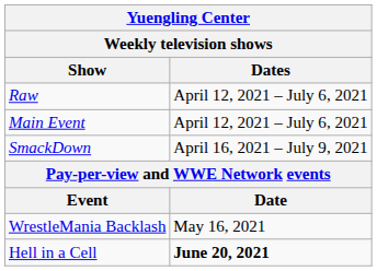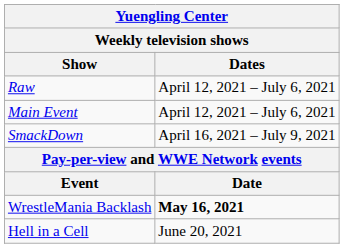 <table class="wikitable">
 <tr>
 <th colspan="4"><a href='#'>Yuengling Center</a></th>
 </tr>
 <tr>
 <th colspan="2">Weekly television shows</th>
 </tr>
 <tr>
 <th>Show</th>
 <th>Dates</th>
 </tr>
 <tr>
 <td><em><a href='#'>Raw</a></em></td>
 <td>April 12, 2021 – July 6, 2021<br></td>
 </tr>
 <tr>
 <td><em><a href='#'>Main Event</a></em></td>
 <td>April 12, 2021 – July 6, 2021<br></td>
 </tr>
 <tr>
 <td><em><a href='#'>SmackDown</a></em></td>
 <td>April 16, 2021 – July 9, 2021</td>
 </tr>
 <tr>
 <th colspan="5"><a href='#'>Pay-per-view</a> and <a href='#'>WWE Network</a> <a href='#'>events</a></th>
 </tr>
 <tr>
 <th>Event</th>
 <th>Date</th>
 </tr>
 <tr>
 <td><a href='#'>WrestleMania Backlash</a></td>
-<td>May 16, 2021</td>
+<td><strong>May 16, 2021</strong></td>
 </tr>
 <tr>
 <td><a href='#'>Hell in a Cell</a></td>
-<td><strong>June 20, 2021</strong></td>
+<td>June 20, 2021</td>
 </tr>
 </table>
